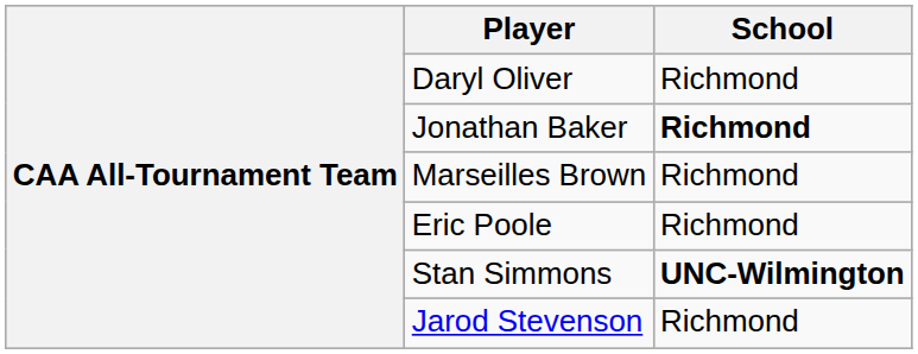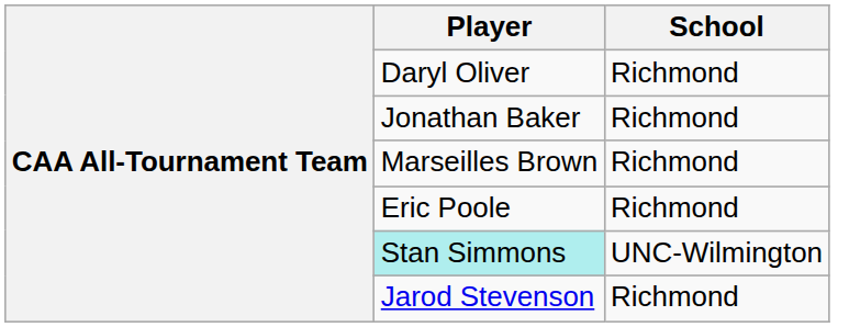 <table class="wikitable" border="1">
 <tr>
 <th rowspan=7 valign=middle>CAA All-Tournament Team</th>
 <th>Player</th>
 <th>School</th>
 </tr>
 <tr>
 <td>Daryl Oliver</td>
 <td>Richmond</td>
 </tr>
 <tr>
 <td>Jonathan Baker</td>
-<td><strong>Richmond</strong></td>
+<td>Richmond</td>
 </tr>
 <tr>
 <td>Marseilles Brown</td>
 <td>Richmond</td>
 </tr>
 <tr>
 <td>Eric Poole</td>
 <td>Richmond</td>
 </tr>
 <tr>
-<td>Stan Simmons</td>
-<td><strong>UNC-Wilmington</strong></td>
+<td style="background: paleturquoise;">Stan Simmons</td>
+<td>UNC-Wilmington</td>
 </tr>
 <tr>
 <td><a href='#'>Jarod Stevenson</a></td>
 <td>Richmond</td>
 </tr>
 </table>
